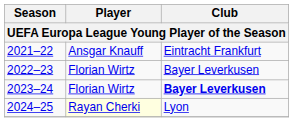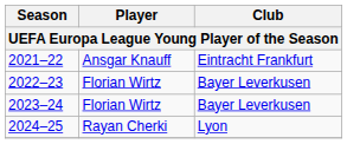 <table class="wikitable">
 <tr>
 <th>Season</th>
 <th>Player</th>
 <th>Club</th>
 </tr>
 <tr>
 <th colspan="3">UEFA Europa League Young Player of the Season</th>
 </tr>
 <tr>
 <td><a href='#'>2021–22</a></td>
 <td> <a href='#'>Ansgar Knauff</a></td>
 <td> <a href='#'>Eintracht Frankfurt</a></td>
 </tr>
 <tr>
 <td><a href='#'>2022–23</a></td>
 <td> <a href='#'>Florian Wirtz</a></td>
 <td> <a href='#'>Bayer Leverkusen</a></td>
 </tr>
 <tr>
 <td><a href='#'>2023–24</a></td>
 <td> <a href='#'>Florian Wirtz</a></td>
-<td><strong> <a href='#'>Bayer Leverkusen</a></strong></td>
+<td> <a href='#'>Bayer Leverkusen</a></td>
 </tr>
 <tr>
 <td><a href='#'>2024–25</a></td>
-<td style="background: lightyellow;"> <a href='#'>Rayan Cherki</a></td>
+<td> <a href='#'>Rayan Cherki</a></td>
 <td> <a href='#'>Lyon</a></td>
 </tr>
 <tr>
 </tr>
 </table>
